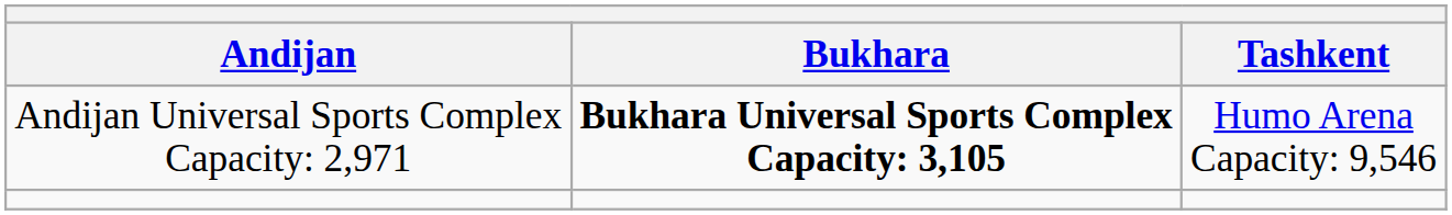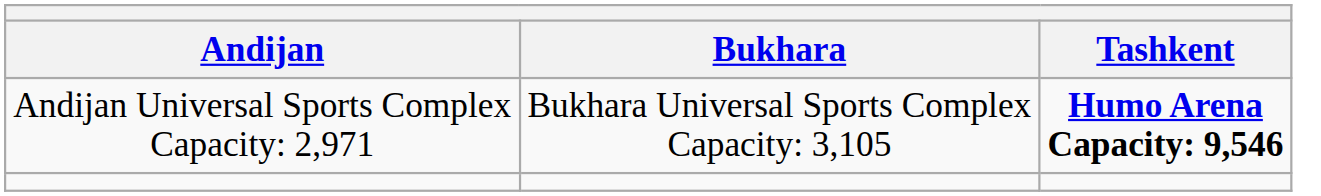 <table class="wikitable" style="text-align:center">
 <tr>
 <th rowspan="1" colspan="8"></th>
 </tr>
 <tr>
 <th><a href='#'>Andijan</a></th>
 <th><a href='#'>Bukhara</a></th>
 <th><a href='#'>Tashkent</a></th>
 </tr>
 <tr>
 <td>Andijan Universal Sports Complex<br>Capacity: 2,971</td>
-<td><strong>Bukhara Universal Sports Complex<br>Capacity: 3,105</strong></td>
-<td><a href='#'>Humo Arena</a><br>Capacity: 9,546</td>
+<td>Bukhara Universal Sports Complex<br>Capacity: 3,105</td>
+<td><strong><a href='#'>Humo Arena</a><br>Capacity: 9,546</strong></td>
 </tr>
 <tr>
 <td></td>
 <td></td>
 <td></td>
 </tr>
 </table>
